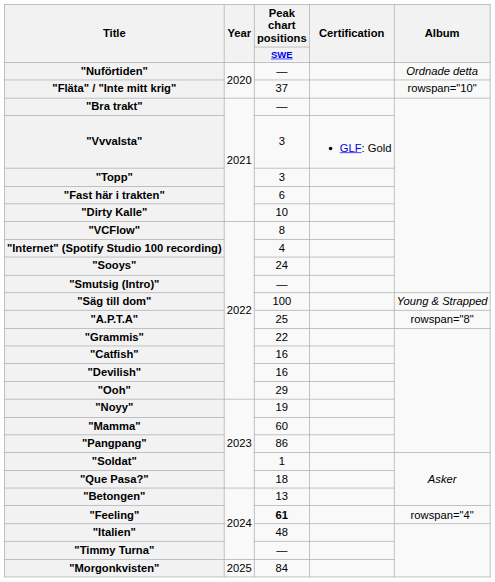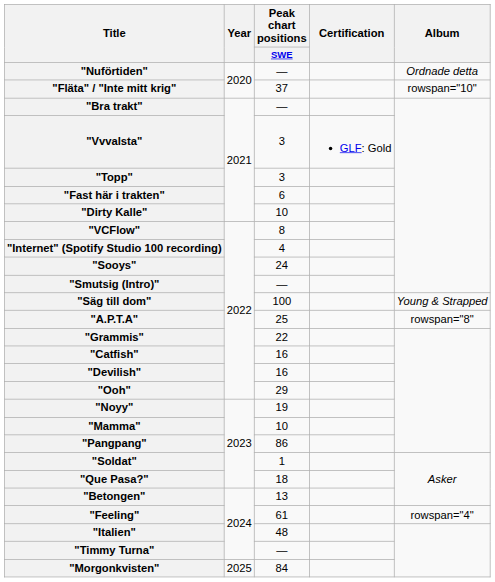 <table class="wikitable plainrowheaders" style="text-align:center;">
 <tr>
 <th scope="col" rowspan="2">Title</th>
 <th scope="col" rowspan="2">Year</th>
 <th scope="col" colspan="1">Peak chart positions</th>
 <th scope="col" rowspan="2">Certification</th>
 <th scope="col" rowspan="2">Album</th>
 </tr>
 <tr>
 <th scope="col" style="width:3em;font-size:85%;"><a href='#'>SWE</a><br></th>
 </tr>
 <tr>
 <th scope="row">"Nuförtiden"<br></th>
 <td rowspan="2">2020</td>
 <td>—</td>
 <td></td>
 <td><em>Ordnade detta</em></td>
 </tr>
 <tr>
 <th scope="row">"Fläta" / "Inte mitt krig"</th>
 <td>37<br></td>
 <td></td>
 <td>rowspan="10" </td>
 </tr>
 <tr>
 <th scope="row">"Bra trakt"</th>
 <td rowspan="5">2021</td>
 <td>—</td>
 <td></td>
 </tr>
 <tr>
 <th scope="row">"Vvvalsta"</th>
 <td>3</td>
 <td><br><ul><li><a href='#'>GLF</a>: Gold</li></ul></td>
 </tr>
 <tr>
 <th scope="row">"Topp"<br></th>
 <td>3</td>
 <td></td>
 </tr>
 <tr>
 <th scope="row">"Fast här i trakten"<br></th>
 <td>6</td>
 <td></td>
 </tr>
 <tr>
 <th scope="row">"Dirty Kalle"<br></th>
 <td>10<br></td>
 <td></td>
 </tr>
 <tr>
 <th scope="row">"VCFlow"</th>
 <td rowspan="10">2022</td>
 <td>8<br></td>
 <td></td>
 </tr>
 <tr>
 <th scope="row">"Internet" (Spotify Studio 100 recording)<br></th>
 <td>4<br></td>
 <td></td>
 </tr>
 <tr>
 <th scope="row">"Sooys"</th>
 <td>24<br></td>
 <td></td>
 </tr>
 <tr>
 <th scope="row">"Smutsig (Intro)"</th>
 <td>—</td>
 <td></td>
 </tr>
 <tr>
 <th scope="row">"Säg till dom"</th>
 <td>100<br></td>
 <td></td>
 <td><em>Young & Strapped</em></td>
 </tr>
 <tr>
 <th scope="row">"A.P.T.A"</th>
 <td>25<br></td>
 <td></td>
 <td>rowspan="8" </td>
 </tr>
 <tr>
 <th scope="row">"Grammis"<br></th>
 <td>22<br></td>
 <td></td>
 </tr>
 <tr>
 <th scope="row">"Catfish"<br></th>
 <td>16<br></td>
 <td></td>
 </tr>
 <tr>
 <th scope="row">"Devilish"<br></th>
 <td>16<br></td>
 <td></td>
 </tr>
 <tr>
 <th scope="row">"Ooh"</th>
 <td>29<br></td>
 <td></td>
 </tr>
 <tr>
 <th scope="row">"Noyy"</th>
 <td rowspan="5">2023</td>
 <td>19<br></td>
 <td></td>
 </tr>
 <tr>
 <th scope="row">"Mamma"</th>
-<td>60<br></td>
+<td>10<br></td>
 <td></td>
 </tr>
 <tr>
 <th scope="row">"Pangpang"</th>
 <td>86<br></td>
 <td></td>
 </tr>
 <tr>
 <th scope="row">"Soldat"<br></th>
 <td>1<br></td>
 <td></td>
 <td rowspan="3"><em>Asker</em></td>
 </tr>
 <tr>
 <th scope="row">"Que Pasa?"</th>
 <td>18<br></td>
 <td></td>
 </tr>
 <tr>
 <th scope="row">"Betongen"<br></th>
 <td rowspan="4">2024</td>
 <td>13<br></td>
 <td></td>
 </tr>
 <tr>
 <th scope="row">"Feeling"<br></th>
-<td><strong>61<br></strong></td>
+<td>61<br></td>
 <td></td>
 <td>rowspan="4" </td>
 </tr>
 <tr>
 <th scope="row">"Italien"</th>
 <td>48<br></td>
 <td></td>
 </tr>
 <tr>
 <th scope="row">"Timmy Turna"<br></th>
 <td>—</td>
 <td></td>
 </tr>
 <tr>
 <th scope="row">"Morgonkvisten"</th>
 <td>2025</td>
 <td>84<br></td>
 <td></td>
 </tr>
 </table>
